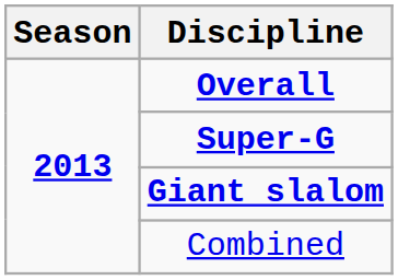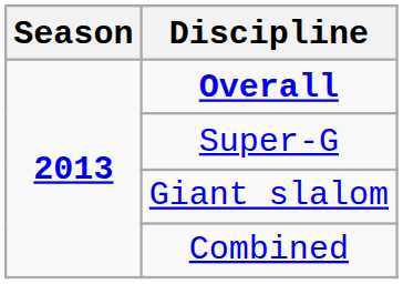 <table class="wikitable" style="text-align:center;">
 <tr>
 <th>Season</th>
 <th>Discipline</th>
 </tr>
 <tr>
 <td rowspan="4"><strong><a href='#'>2013</a></strong></td>
 <td><strong><a href='#'>Overall</a></strong></td>
 </tr>
 <tr>
-<td><strong><a href='#'>Super-G</a></strong></td>
+<td><a href='#'>Super-G</a></td>
 </tr>
 <tr>
-<td><strong><a href='#'>Giant slalom</a></strong></td>
+<td><a href='#'>Giant slalom</a></td>
 </tr>
 <tr>
 <td><a href='#'>Combined</a></td>
 </tr>
 </table>
